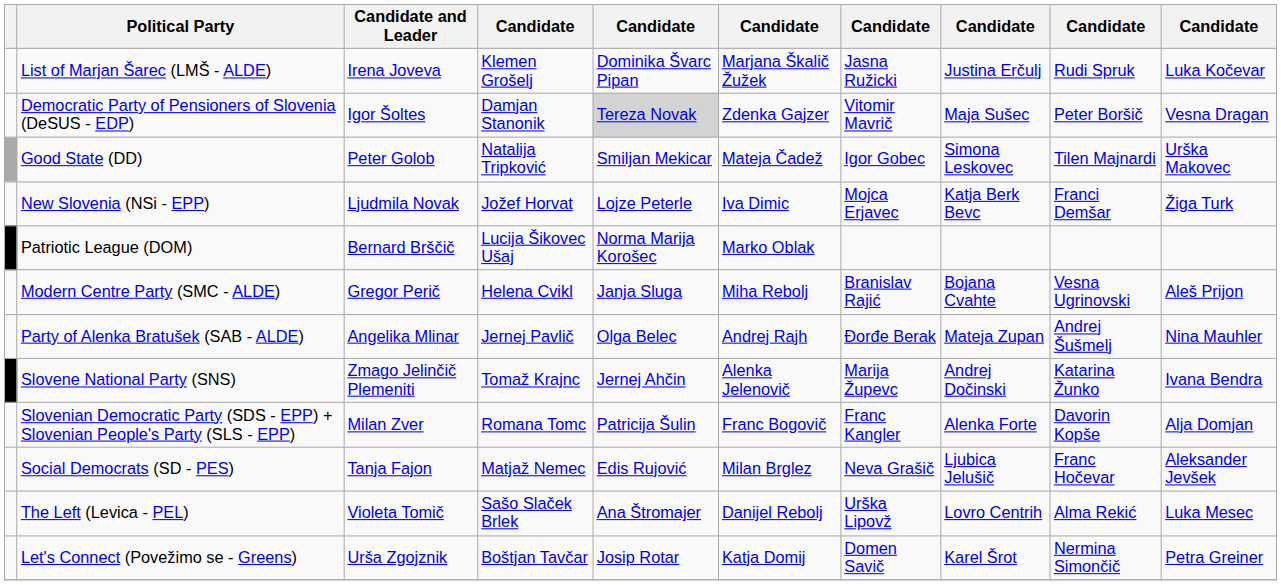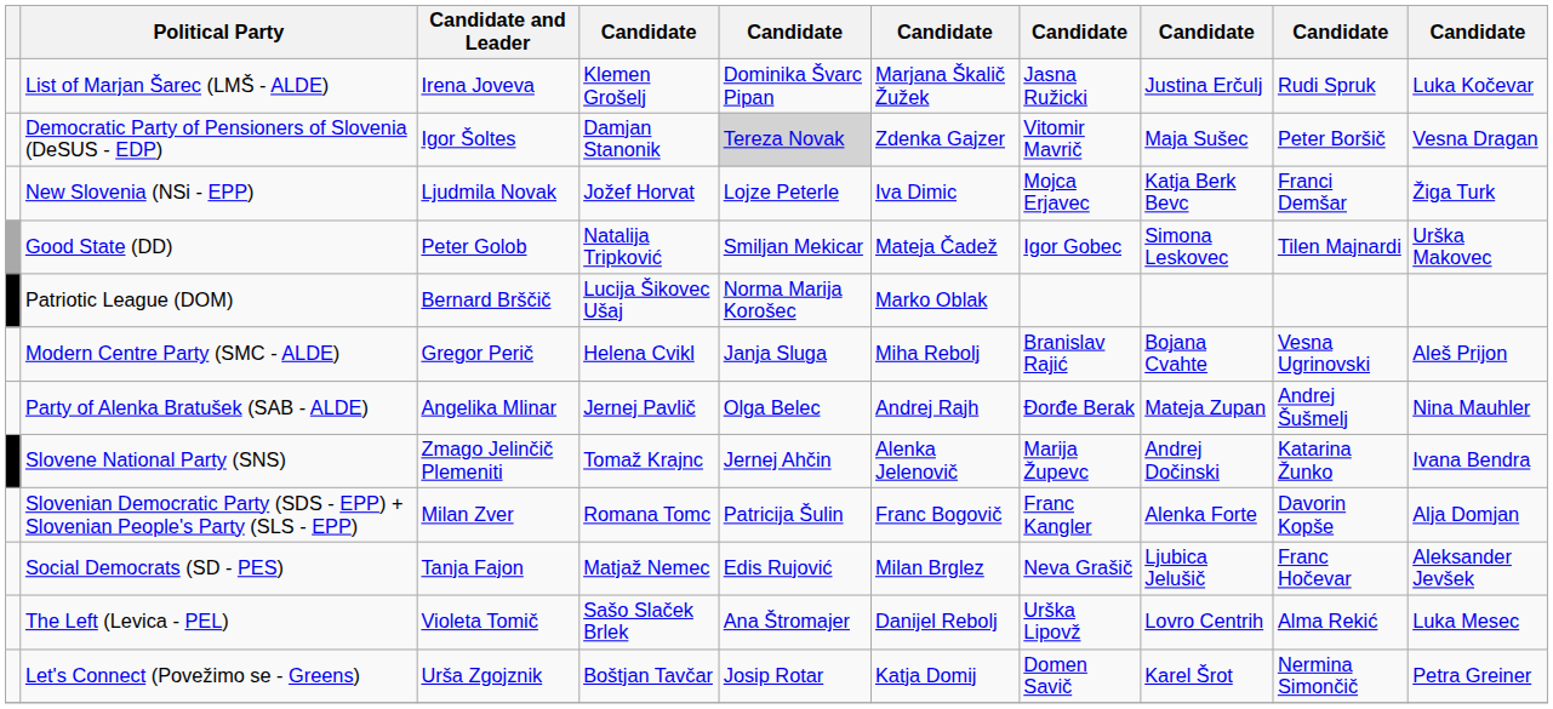 <table class="wikitable" border="1">
 <tr>
 <th class="unsortable" style="width:5px;"></th>
 <th>Political Party</th>
 <th>Candidate and Leader</th>
 <th>Candidate</th>
 <th>Candidate</th>
 <th>Candidate</th>
 <th>Candidate</th>
 <th>Candidate</th>
 <th>Candidate</th>
 <th>Candidate</th>
 </tr>
 <tr>
 <td style="background-color: "></td>
 <td><a href='#'>List of Marjan Šarec</a> (LMŠ - <a href='#'>ALDE</a>)</td>
 <td><a href='#'>Irena Joveva</a></td>
 <td><a href='#'>Klemen Grošelj</a></td>
 <td><a href='#'>Dominika Švarc Pipan</a></td>
 <td><a href='#'>Marjana Škalič Žužek</a></td>
 <td><a href='#'>Jasna Ružicki</a></td>
 <td><a href='#'>Justina Erčulj</a></td>
 <td><a href='#'>Rudi Spruk</a></td>
 <td><a href='#'>Luka Kočevar</a></td>
 </tr>
 <tr>
 <td style="background-color: "></td>
 <td><a href='#'>Democratic Party of Pensioners of Slovenia</a> (DeSUS - <a href='#'>EDP</a>)</td>
 <td><a href='#'>Igor Šoltes</a></td>
 <td><a href='#'>Damjan Stanonik</a></td>
 <td style="background: lightgrey;"><a href='#'>Tereza Novak</a></td>
 <td><a href='#'>Zdenka Gajzer</a></td>
 <td><a href='#'>Vitomir Mavrič</a></td>
 <td><a href='#'>Maja Sušec</a></td>
 <td><a href='#'>Peter Boršič</a></td>
 <td><a href='#'>Vesna Dragan</a></td>
 </tr>
 <tr>
+<td style="background-color: "></td>
+<td><a href='#'>New Slovenia</a> (NSi - <a href='#'>EPP</a>)</td>
+<td><a href='#'>Ljudmila Novak</a></td>
+<td><a href='#'>Jožef Horvat</a></td>
+<td><a href='#'>Lojze Peterle</a></td>
+<td><a href='#'>Iva Dimic</a></td>
+<td><a href='#'>Mojca Erjavec</a></td>
+<td><a href='#'>Katja Berk Bevc</a></td>
+<td><a href='#'>Franci Demšar</a></td>
+<td><a href='#'>Žiga Turk</a></td>
+</tr>
+<tr>
 <td style="background-color: darkgrey"></td>
 <td><a href='#'>Good State</a> (DD)</td>
 <td><a href='#'>Peter Golob</a></td>
 <td><a href='#'>Natalija Tripković</a></td>
 <td><a href='#'>Smiljan Mekicar</a></td>
 <td><a href='#'>Mateja Čadež</a></td>
 <td><a href='#'>Igor Gobec</a></td>
 <td><a href='#'>Simona Leskovec</a></td>
 <td><a href='#'>Tilen Majnardi</a></td>
 <td><a href='#'>Urška Makovec</a></td>
-</tr>
-<tr>
-<td style="background-color: "></td>
-<td><a href='#'>New Slovenia</a> (NSi - <a href='#'>EPP</a>)</td>
-<td><a href='#'>Ljudmila Novak</a></td>
-<td><a href='#'>Jožef Horvat</a></td>
-<td><a href='#'>Lojze Peterle</a></td>
-<td><a href='#'>Iva Dimic</a></td>
-<td><a href='#'>Mojca Erjavec</a></td>
-<td><a href='#'>Katja Berk Bevc</a></td>
-<td><a href='#'>Franci Demšar</a></td>
-<td><a href='#'>Žiga Turk</a></td>
 </tr>
 <tr>
 <td style="background-color: black"></td>
 <td>Patriotic League (DOM)</td>
 <td><a href='#'>Bernard Brščič</a></td>
 <td><a href='#'>Lucija Šikovec Ušaj</a></td>
 <td><a href='#'>Norma Marija Korošec</a></td>
 <td><a href='#'>Marko Oblak</a></td>
 <td></td>
 <td></td>
 <td></td>
 <td></td>
 </tr>
 <tr>
 <td style="background-color: "></td>
 <td><a href='#'>Modern Centre Party</a> (SMC - <a href='#'>ALDE</a>)</td>
 <td><a href='#'>Gregor Perič</a></td>
 <td><a href='#'>Helena Cvikl</a></td>
 <td><a href='#'>Janja Sluga</a></td>
 <td><a href='#'>Miha Rebolj</a></td>
 <td><a href='#'>Branislav Rajić</a></td>
 <td><a href='#'>Bojana Cvahte</a></td>
 <td><a href='#'>Vesna Ugrinovski</a></td>
 <td><a href='#'>Aleš Prijon</a></td>
 </tr>
 <tr>
 <td style="background-color: "></td>
 <td><a href='#'>Party of Alenka Bratušek</a> (SAB - <a href='#'>ALDE</a>)</td>
 <td><a href='#'>Angelika Mlinar</a></td>
 <td><a href='#'>Jernej Pavlič</a></td>
 <td><a href='#'>Olga Belec</a></td>
 <td><a href='#'>Andrej Rajh</a></td>
 <td><a href='#'>Đorđe Berak</a></td>
 <td><a href='#'>Mateja Zupan</a></td>
 <td><a href='#'>Andrej Šušmelj</a></td>
 <td><a href='#'>Nina Mauhler</a></td>
 </tr>
 <tr>
 <td style="background-color: black"></td>
 <td><a href='#'>Slovene National Party</a> (SNS)</td>
 <td><a href='#'>Zmago Jelinčič Plemeniti</a></td>
 <td><a href='#'>Tomaž Krajnc</a></td>
 <td><a href='#'>Jernej Ahčin</a></td>
 <td><a href='#'>Alenka Jelenovič</a></td>
 <td><a href='#'>Marija Župevc</a></td>
 <td><a href='#'>Andrej Dočinski</a></td>
 <td><a href='#'>Katarina Žunko</a></td>
 <td><a href='#'>Ivana Bendra</a></td>
 </tr>
 <tr>
 <td style="background-color: "></td>
 <td><a href='#'>Slovenian Democratic Party</a> (SDS - <a href='#'>EPP</a>) + <a href='#'>Slovenian People's Party</a> (SLS - <a href='#'>EPP</a>)</td>
 <td><a href='#'>Milan Zver</a></td>
 <td><a href='#'>Romana Tomc</a></td>
 <td><a href='#'>Patricija Šulin</a></td>
 <td><a href='#'>Franc Bogovič</a></td>
 <td><a href='#'>Franc Kangler</a></td>
 <td><a href='#'>Alenka Forte</a></td>
 <td><a href='#'>Davorin Kopše</a></td>
 <td><a href='#'>Alja Domjan</a></td>
 </tr>
 <tr>
 <td style="background-color: "></td>
 <td><a href='#'>Social Democrats</a> (SD - <a href='#'>PES</a>)</td>
 <td><a href='#'>Tanja Fajon</a></td>
 <td><a href='#'>Matjaž Nemec</a></td>
 <td><a href='#'>Edis Rujović</a></td>
 <td><a href='#'>Milan Brglez</a></td>
 <td><a href='#'>Neva Grašič</a></td>
 <td><a href='#'>Ljubica Jelušič</a></td>
 <td><a href='#'>Franc Hočevar</a></td>
 <td><a href='#'>Aleksander Jevšek</a></td>
 </tr>
 <tr>
 <td style="background-color: "></td>
 <td><a href='#'>The Left</a> (Levica - <a href='#'>PEL</a>)</td>
 <td><a href='#'>Violeta Tomič</a></td>
 <td><a href='#'>Sašo Slaček Brlek</a></td>
 <td><a href='#'>Ana Štromajer</a></td>
 <td><a href='#'>Danijel Rebolj</a></td>
 <td><a href='#'>Urška Lipovž</a></td>
 <td><a href='#'>Lovro Centrih</a></td>
 <td><a href='#'>Alma Rekić</a></td>
 <td><a href='#'>Luka Mesec</a></td>
 </tr>
 <tr>
 <td style="background-color: "></td>
 <td><a href='#'>Let's Connect</a> (Povežimo se - <a href='#'>Greens</a>)</td>
 <td><a href='#'>Urša Zgojznik</a></td>
 <td><a href='#'>Boštjan Tavčar</a></td>
 <td><a href='#'>Josip Rotar</a></td>
 <td><a href='#'>Katja Domij</a></td>
 <td><a href='#'>Domen Savič</a></td>
 <td><a href='#'>Karel Šrot</a></td>
 <td><a href='#'>Nermina Simončič</a></td>
 <td><a href='#'>Petra Greiner</a></td>
 </tr>
 <tr>
 </tr>
 </table>
